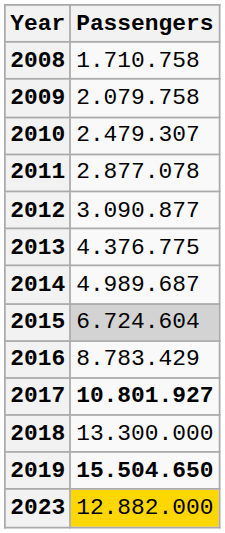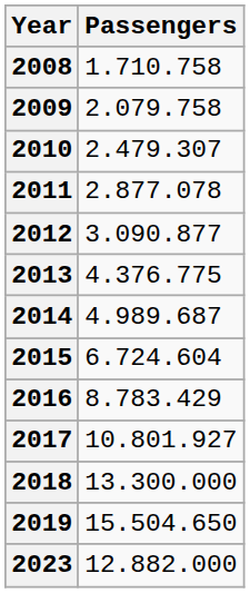 <table class="wikitable sortable">
 <tr>
 <th>Year</th>
 <th>Passengers</th>
 </tr>
 <tr>
 <th>2008</th>
 <td>1.710.758</td>
 </tr>
 <tr>
 <th>2009</th>
 <td>2.079.758</td>
 </tr>
 <tr>
 <th>2010</th>
 <td>2.479.307</td>
 </tr>
 <tr>
 <th>2011</th>
 <td>2.877.078</td>
 </tr>
 <tr>
 <th>2012</th>
 <td>3.090.877</td>
 </tr>
 <tr>
 <th>2013</th>
 <td>4.376.775</td>
 </tr>
 <tr>
 <th>2014</th>
 <td>4.989.687</td>
 </tr>
 <tr>
 <th>2015</th>
-<td style="background: lightgrey;">6.724.604</td>
+<td>6.724.604</td>
 </tr>
 <tr>
 <th>2016</th>
 <td>8.783.429</td>
 </tr>
 <tr>
 <th>2017</th>
-<td><strong>10.801.927</strong></td>
+<td>10.801.927</td>
 </tr>
 <tr>
 <th>2018</th>
 <td>13.300.000</td>
 </tr>
 <tr>
 <th>2019</th>
-<td><strong>15.504.650</strong></td>
+<td>15.504.650</td>
 </tr>
 <tr>
 <th>2023</th>
-<td style="background: gold;">12.882.000</td>
+<td>12.882.000</td>
 </tr>
 </table>
